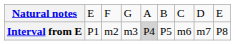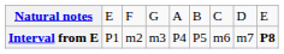 <table class="wikitable">
 <tr>
 <th><a href='#'>Natural notes</a></th>
 <td>E</td>
 <td>F</td>
 <td>G</td>
 <td>A</td>
 <td>B</td>
 <td>C</td>
 <td>D</td>
 <td>E</td>
 </tr>
 <tr>
 <th><a href='#'>Interval</a> from E</th>
 <td>P1</td>
 <td>m2</td>
 <td>m3</td>
-<td style="background: lightgrey;">P4</td>
+<td>P4</td>
 <td>P5</td>
 <td>m6</td>
 <td>m7</td>
-<td>P8</td>
+<td><strong>P8</strong></td>
 </tr>
 </table>
